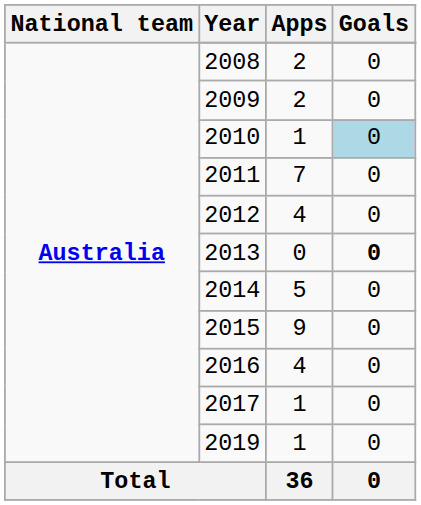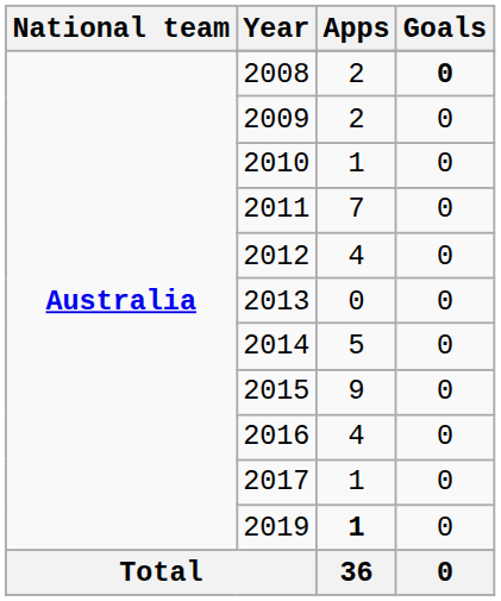 <table class="wikitable" style="text-align: center">
 <tr>
 <th>National team</th>
 <th>Year</th>
 <th>Apps</th>
 <th>Goals</th>
 </tr>
 <tr>
 <td rowspan="12"><strong><a href='#'>Australia</a></strong></td>
 </tr>
 <tr>
 <td>2008</td>
 <td>2</td>
-<td>0</td>
+<td><strong>0</strong></td>
 </tr>
 <tr>
 <td>2009</td>
 <td>2</td>
 <td>0</td>
 </tr>
 <tr>
 <td>2010</td>
 <td>1</td>
-<td style="background: lightblue;">0</td>
+<td>0</td>
 </tr>
 <tr>
 <td>2011</td>
 <td>7</td>
 <td>0</td>
 </tr>
 <tr>
 <td>2012</td>
 <td>4</td>
 <td>0</td>
 </tr>
 <tr>
 <td>2013</td>
 <td>0</td>
-<td><strong>0</strong></td>
+<td>0</td>
 </tr>
 <tr>
 <td>2014</td>
 <td>5</td>
 <td>0</td>
 </tr>
 <tr>
 <td>2015</td>
 <td>9</td>
 <td>0</td>
 </tr>
 <tr>
 <td>2016</td>
 <td>4</td>
 <td>0</td>
 </tr>
 <tr>
 <td>2017</td>
 <td>1</td>
 <td>0</td>
 </tr>
 <tr>
 <td>2019</td>
-<td>1</td>
+<td><strong>1</strong></td>
 <td>0</td>
 </tr>
 <tr>
 <th colspan="2">Total</th>
 <th>36</th>
 <th>0</th>
 </tr>
 </table>
